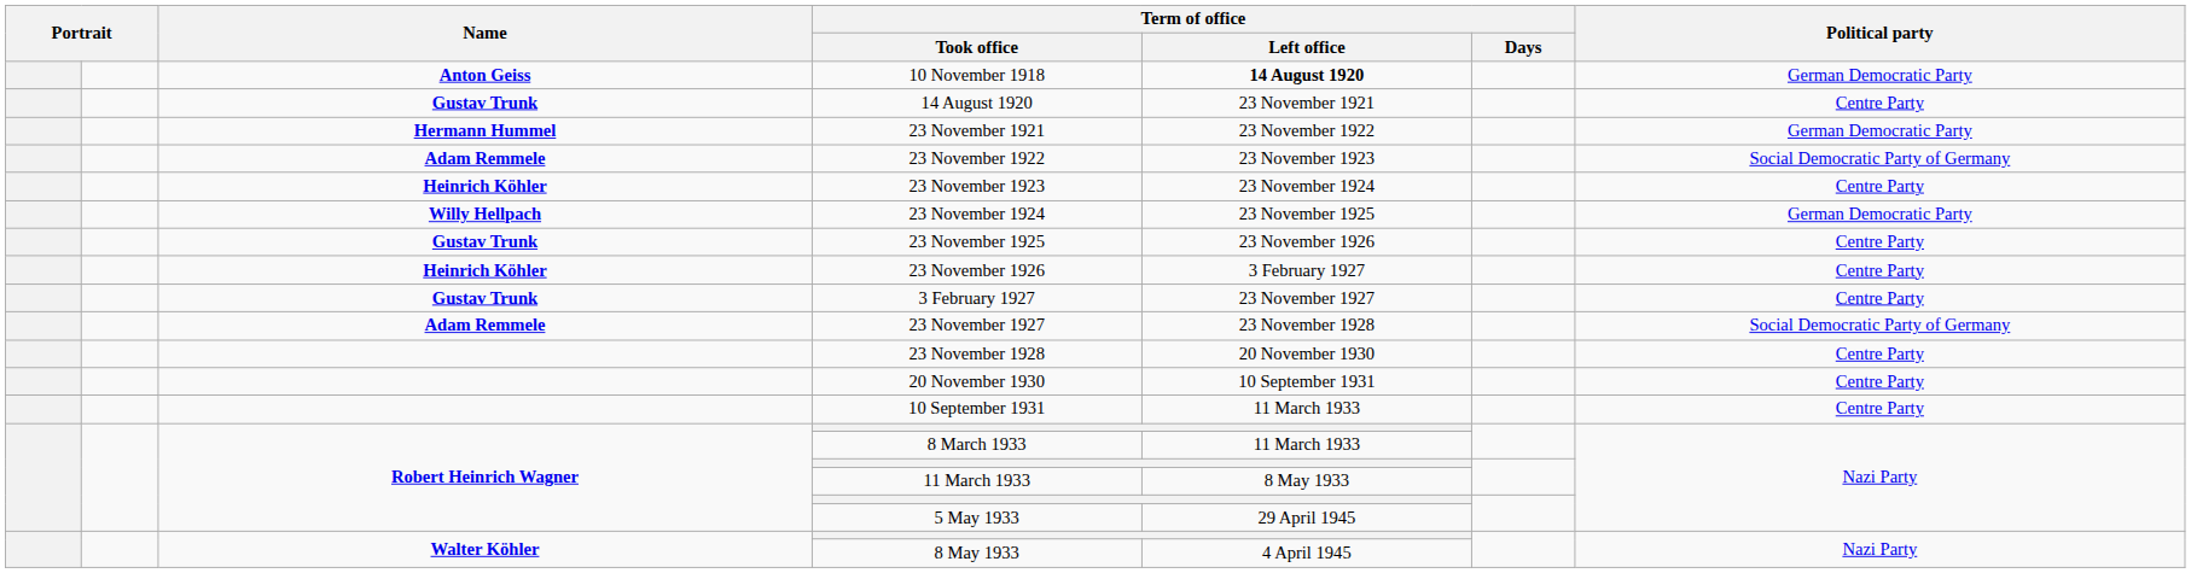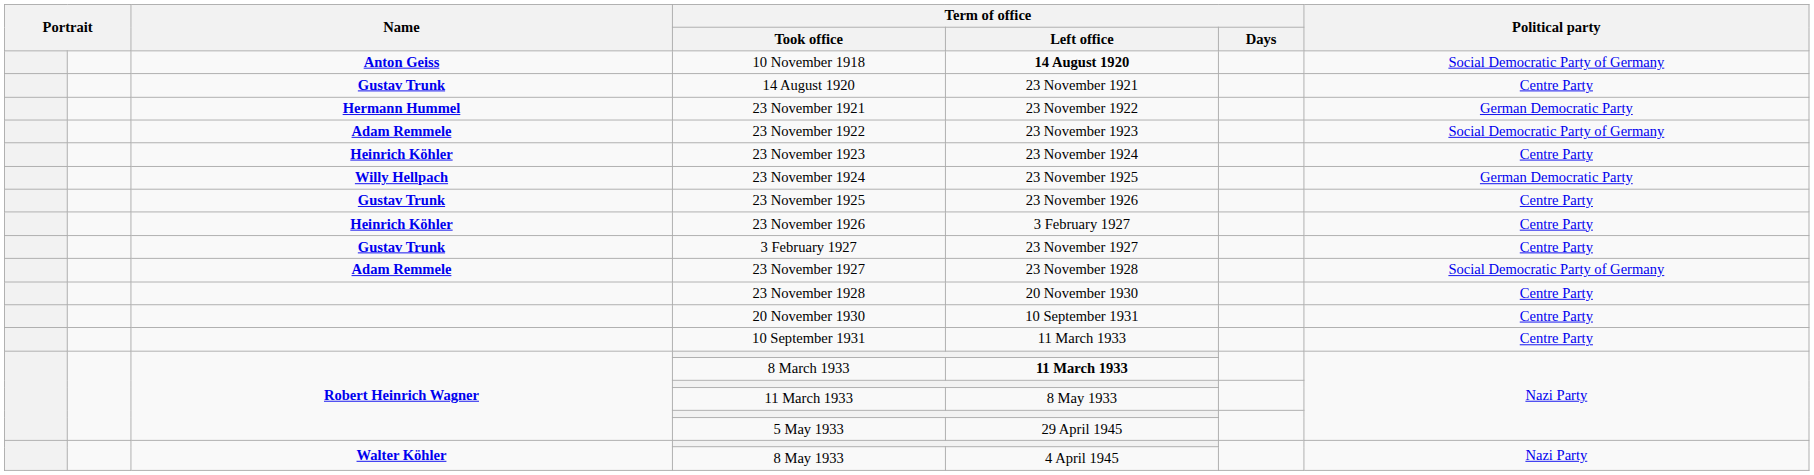 <table class="wikitable" style="text-align:center; width:100%; border:1px #AAAAFF solid">
 <tr>
 <th width=80px rowspan=2 colspan=2>Portrait</th>
 <th width=30% rowspan=2>Name<br></th>
 <th width=35% colspan=3>Term of office</th>
 <th width=28% rowspan=2>Political party</th>
 </tr>
 <tr>
 <th>Took office</th>
 <th>Left office</th>
 <th>Days</th>
 </tr>
 <tr>
 <th style="background:"></th>
 <td></td>
 <td><strong><a href='#'>Anton Geiss</a></strong><br></td>
 <td>10 November 1918</td>
 <td><strong>14 August 1920</strong></td>
 <td></td>
-<td><a href='#'>German Democratic Party</a></td>
+<td><a href='#'>Social Democratic Party of Germany</a></td>
 </tr>
 <tr>
 <th style="background:"></th>
 <td></td>
 <td><strong><a href='#'>Gustav Trunk</a></strong><br></td>
 <td>14 August 1920</td>
 <td>23 November 1921</td>
 <td></td>
 <td><a href='#'>Centre Party</a></td>
 </tr>
 <tr>
 <th style="background:"></th>
 <td></td>
 <td><strong><a href='#'>Hermann Hummel</a></strong><br></td>
 <td>23 November 1921</td>
 <td>23 November 1922</td>
 <td></td>
 <td><a href='#'>German Democratic Party</a></td>
 </tr>
 <tr>
 <th style="background:"></th>
 <td></td>
 <td><strong><a href='#'>Adam Remmele</a></strong><br></td>
 <td>23 November 1922</td>
 <td>23 November 1923</td>
 <td></td>
 <td><a href='#'>Social Democratic Party of Germany</a></td>
 </tr>
 <tr>
 <th style="background:"></th>
 <td></td>
 <td><strong><a href='#'>Heinrich Köhler</a></strong><br></td>
 <td>23 November 1923</td>
 <td>23 November 1924</td>
 <td></td>
 <td><a href='#'>Centre Party</a></td>
 </tr>
 <tr>
 <th style="background:"></th>
 <td></td>
 <td><strong><a href='#'>Willy Hellpach</a></strong><br></td>
 <td>23 November 1924</td>
 <td>23 November 1925</td>
 <td></td>
 <td><a href='#'>German Democratic Party</a></td>
 </tr>
 <tr>
 <th style="background:"></th>
 <td></td>
 <td><strong><a href='#'>Gustav Trunk</a></strong><br></td>
 <td>23 November 1925</td>
 <td>23 November 1926</td>
 <td></td>
 <td><a href='#'>Centre Party</a></td>
 </tr>
 <tr>
 <th style="background:"></th>
 <td></td>
 <td><strong><a href='#'>Heinrich Köhler</a></strong><br></td>
 <td>23 November 1926</td>
 <td>3 February 1927</td>
 <td></td>
 <td><a href='#'>Centre Party</a></td>
 </tr>
 <tr>
 <th style="background:"></th>
 <td></td>
 <td><strong><a href='#'>Gustav Trunk</a></strong><br></td>
 <td>3 February 1927</td>
 <td>23 November 1927</td>
 <td></td>
 <td><a href='#'>Centre Party</a></td>
 </tr>
 <tr>
 <th style="background:"></th>
 <td></td>
 <td><strong><a href='#'>Adam Remmele</a></strong><br></td>
 <td>23 November 1927</td>
 <td>23 November 1928</td>
 <td></td>
 <td><a href='#'>Social Democratic Party of Germany</a></td>
 </tr>
 <tr>
 <th style="background:"></th>
 <td></td>
 <td><strong></strong><br></td>
 <td>23 November 1928</td>
 <td>20 November 1930</td>
 <td></td>
 <td><a href='#'>Centre Party</a></td>
 </tr>
 <tr>
 <th style="background:"></th>
 <td></td>
 <td><strong></strong><br></td>
 <td>20 November 1930</td>
 <td>10 September 1931</td>
 <td></td>
 <td><a href='#'>Centre Party</a></td>
 </tr>
 <tr>
 <th style="background:"></th>
 <td></td>
 <td><strong></strong><br></td>
 <td>10 September 1931</td>
 <td>11 March 1933</td>
 <td></td>
 <td><a href='#'>Centre Party</a></td>
 </tr>
 <tr>
 <th rowspan="6" style="background:"></th>
 <td rowspan="6"></td>
 <td rowspan="6"><strong><a href='#'>Robert Heinrich Wagner</a></strong><br></td>
 <th colspan="2"></th>
 <td rowspan="2"></td>
 <td rowspan="6"><a href='#'>Nazi Party</a></td>
 </tr>
 <tr>
 <td>8 March 1933</td>
-<td>11 March 1933</td>
+<td><strong>11 March 1933</strong></td>
 </tr>
 <tr>
 <th colspan="2"></th>
 <td rowspan="2"></td>
 </tr>
 <tr>
 <td>11 March 1933</td>
 <td>8 May 1933</td>
 </tr>
 <tr>
 <th colspan="2"></th>
 <td rowspan="2"></td>
 </tr>
 <tr>
 <td>5 May 1933</td>
 <td>29 April 1945</td>
 </tr>
 <tr>
 <th rowspan="2" style="background:"></th>
 <td rowspan="2"></td>
 <td rowspan="2"><strong><a href='#'>Walter Köhler</a></strong><br></td>
 <th colspan="2"></th>
 <td rowspan="2"></td>
 <td rowspan="2"><a href='#'>Nazi Party</a></td>
 </tr>
 <tr>
 <td>8 May 1933</td>
 <td>4 April 1945</td>
 </tr>
 </table>
